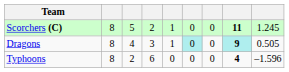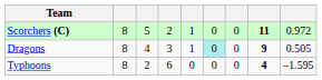 <table class="wikitable" style="text-align:center">
 <tr>
 <th width="150">Team</th>
 <th width="25"></th>
 <th width="25"></th>
 <th width="25"></th>
 <th width="25"></th>
 <th width="25"></th>
 <th width="25"></th>
 <th width="40"></th>
 <th width="45"></th>
 </tr>
 <tr style="background:#cfc">
 <td style="text-align:left"><a href='#'>Scorchers</a> <strong>(C)</strong></td>
 <td>8</td>
 <td>5</td>
 <td>2</td>
 <td>1</td>
 <td>0</td>
 <td>0</td>
 <td><strong>11</strong></td>
-<td>1.245</td>
+<td>0.972</td>
 </tr>
 <tr>
 <td style="text-align:left"><a href='#'>Dragons</a></td>
 <td>8</td>
 <td>4</td>
 <td>3</td>
 <td>1</td>
 <td style="background: paleturquoise;">0</td>
 <td>0</td>
-<td style="background: paleturquoise;"><strong>9</strong></td>
+<td><strong>9</strong></td>
 <td>0.505</td>
 </tr>
 <tr>
 <td style="text-align:left"><a href='#'>Typhoons</a></td>
 <td>8</td>
 <td>2</td>
 <td>6</td>
 <td>0</td>
 <td>0</td>
 <td>0</td>
 <td><strong>4</strong></td>
-<td>–1.596</td>
+<td>–1.595</td>
 </tr>
 </table>
